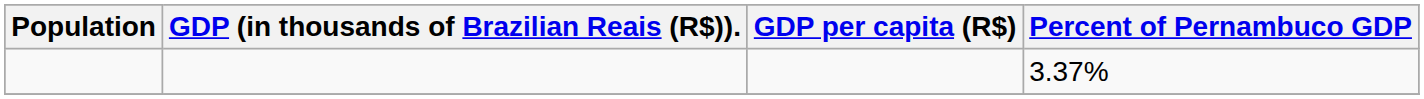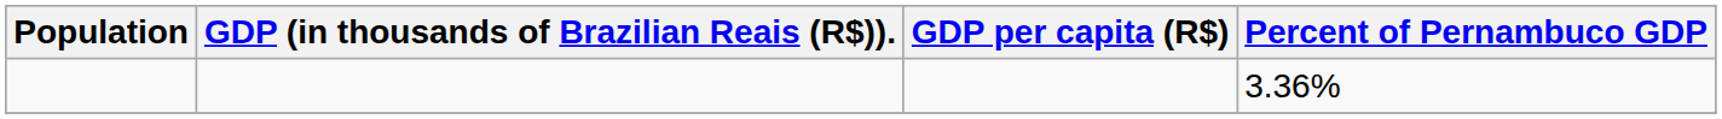 <table class="wikitable" border="1">
 <tr>
 <th>Population</th>
 <th><a href='#'>GDP</a> (in thousands of <a href='#'>Brazilian Reais</a> (R$)).</th>
 <th><a href='#'>GDP per capita</a> (R$)</th>
 <th><a href='#'>Percent of Pernambuco GDP</a></th>
 </tr>
 <tr>
 <td></td>
 <td></td>
 <td></td>
-<td>3.37%</td>
+<td>3.36%</td>
 </tr>
 <tr>
 </tr>
 </table>
